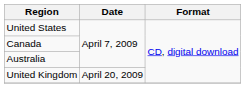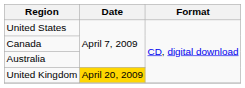 <table class="wikitable">
 <tr>
 <th>Region</th>
 <th>Date</th>
 <th>Format</th>
 </tr>
 <tr>
 <td>United States</td>
 <td rowspan="3">April 7, 2009</td>
 <td rowspan="4"><a href='#'>CD</a>, <a href='#'>digital download</a></td>
 </tr>
 <tr>
 <td>Canada</td>
 </tr>
 <tr>
 <td>Australia</td>
 </tr>
 <tr>
 <td>United Kingdom</td>
-<td>April 20, 2009</td>
+<td style="background: gold;">April 20, 2009</td>
 </tr>
 <tr>
 </tr>
 </table>
